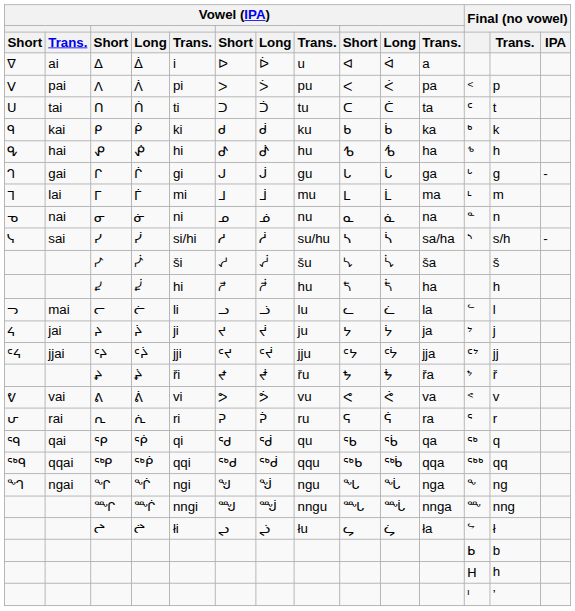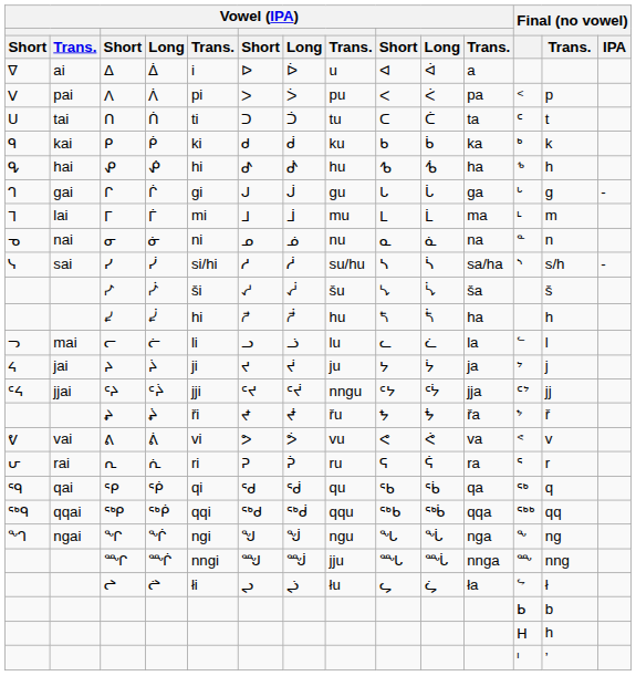 <table class="wikitable" style="display: inline-table;">
 <tr>
 <th colspan="11">Vowel (<a href='#'>IPA</a>)</th>
 <th colspan="3" rowspan="2">Final (no vowel)</th>
 </tr>
 <tr>
 <th colspan="2"></th>
 <th colspan="3"></th>
 <th colspan="3"></th>
 <th colspan="3"></th>
 </tr>
 <tr>
 <th>Short</th>
 <th><a href='#'>Trans.</a></th>
 <th>Short</th>
 <th>Long</th>
 <th>Trans.</th>
 <th>Short</th>
 <th>Long</th>
 <th>Trans.</th>
 <th>Short</th>
 <th>Long</th>
 <th>Trans.</th>
 <th> </th>
 <th>Trans.</th>
 <th>IPA</th>
 </tr>
 <tr>
 <td>ᐁ</td>
 <td>ai</td>
 <td>ᐃ</td>
 <td>ᐄ</td>
 <td>i</td>
 <td>ᐅ</td>
 <td>ᐆ</td>
 <td>u</td>
 <td>ᐊ</td>
 <td>ᐋ</td>
 <td>a</td>
 <td></td>
 <td></td>
 <td></td>
 </tr>
 <tr>
 <td>ᐯ</td>
 <td>pai</td>
 <td>ᐱ</td>
 <td>ᐲ</td>
 <td>pi</td>
 <td>ᐳ</td>
 <td>ᐴ</td>
 <td>pu</td>
 <td>ᐸ</td>
 <td>ᐹ</td>
 <td>pa</td>
 <td>ᑉ</td>
 <td>p</td>
 <td></td>
 </tr>
 <tr>
 <td>ᑌ</td>
 <td>tai</td>
 <td>ᑎ</td>
 <td>ᑏ</td>
 <td>ti</td>
 <td>ᑐ</td>
 <td>ᑑ</td>
 <td>tu</td>
 <td>ᑕ</td>
 <td>ᑖ</td>
 <td>ta</td>
 <td>ᑦ</td>
 <td>t</td>
 <td></td>
 </tr>
 <tr>
 <td>ᑫ</td>
 <td>kai</td>
 <td>ᑭ</td>
 <td>ᑮ</td>
 <td>ki</td>
 <td>ᑯ</td>
 <td>ᑰ</td>
 <td>ku</td>
 <td>ᑲ</td>
 <td>ᑳ</td>
 <td>ka</td>
 <td>ᒃ</td>
 <td>k</td>
 <td></td>
 </tr>
 <tr>
 <td>ᕴ</td>
 <td>hai</td>
 <td>ᕵ</td>
 <td>ᕶ</td>
 <td>hi</td>
 <td>ᕷ</td>
 <td>ᕸ</td>
 <td>hu</td>
 <td>ᕹ</td>
 <td>ᕺ</td>
 <td>ha</td>
 <td>ᕻ</td>
 <td>h</td>
 <td></td>
 </tr>
 <tr>
 <td>ᒉ</td>
 <td>gai</td>
 <td>ᒋ</td>
 <td>ᒌ</td>
 <td>gi</td>
 <td>ᒍ</td>
 <td>ᒎ</td>
 <td>gu</td>
 <td>ᒐ</td>
 <td>ᒑ</td>
 <td>ga</td>
 <td>ᒡ</td>
 <td>g</td>
 <td> - </td>
 </tr>
 <tr>
 <td>ᒣ</td>
 <td>lai</td>
 <td>ᒥ</td>
 <td>ᒦ</td>
 <td>mi</td>
 <td>ᒧ</td>
 <td>ᒨ</td>
 <td>mu</td>
 <td>ᒪ</td>
 <td>ᒫ</td>
 <td>ma</td>
 <td>ᒻ</td>
 <td>m</td>
 <td></td>
 </tr>
 <tr>
 <td>ᓀ</td>
 <td>nai</td>
 <td>ᓂ</td>
 <td>ᓃ</td>
 <td>ni</td>
 <td>ᓄ</td>
 <td>ᓅ</td>
 <td>nu</td>
 <td>ᓇ</td>
 <td>ᓈ</td>
 <td>na</td>
 <td>ᓐ</td>
 <td>n</td>
 <td></td>
 </tr>
 <tr>
 <td>ᓭ</td>
 <td>sai</td>
 <td>ᓯ</td>
 <td>ᓰ</td>
 <td>si/hi</td>
 <td>ᓱ</td>
 <td>ᓲ</td>
 <td>su/hu</td>
 <td>ᓴ</td>
 <td>ᓵ</td>
 <td>sa/ha</td>
 <td>ᔅ</td>
 <td>s/h</td>
 <td> - </td>
 </tr>
 <tr>
 <td> </td>
 <td> </td>
 <td>𑪶</td>
 <td>𑪷</td>
 <td>ši</td>
 <td>𑪸</td>
 <td>𑪹</td>
 <td>šu</td>
 <td>𑪺</td>
 <td>𑪻</td>
 <td>ša</td>
 <td> </td>
 <td>š</td>
 <td></td>
 </tr>
 <tr>
 <td> </td>
 <td> </td>
 <td>𑪰</td>
 <td>𑪱</td>
 <td>hi</td>
 <td>𑪲</td>
 <td>𑪳</td>
 <td>hu</td>
 <td>𑪴</td>
 <td>𑪵</td>
 <td>ha</td>
 <td> </td>
 <td>h</td>
 <td></td>
 </tr>
 <tr>
 <td>ᓓ</td>
 <td>mai</td>
 <td>ᓕ</td>
 <td>ᓖ</td>
 <td>li</td>
 <td>ᓗ</td>
 <td>ᓘ</td>
 <td>lu</td>
 <td>ᓚ</td>
 <td>ᓛ</td>
 <td>la</td>
 <td>ᓪ</td>
 <td>l</td>
 <td></td>
 </tr>
 <tr>
 <td>ᔦ</td>
 <td>jai</td>
 <td>ᔨ</td>
 <td>ᔩ</td>
 <td>ji</td>
 <td>ᔪ</td>
 <td>ᔫ</td>
 <td>ju</td>
 <td>ᔭ</td>
 <td>ᔮ</td>
 <td>ja</td>
 <td>ᔾ</td>
 <td>j</td>
 <td></td>
 </tr>
 <tr>
 <td>ᑦᔦ</td>
 <td>jjai</td>
 <td>ᑦᔨ</td>
 <td>ᑦᔩ</td>
 <td>jji</td>
 <td>ᑦᔪ</td>
 <td>ᑦᔫ</td>
-<td>jju</td>
+<td>nngu</td>
 <td>ᑦᔭ</td>
 <td>ᑦᔮ</td>
 <td>jja</td>
 <td>ᑦᔾ</td>
 <td>jj</td>
 <td></td>
 </tr>
 <tr>
 <td> </td>
 <td> </td>
 <td>ᖨ</td>
 <td>ᖩ</td>
 <td>ři</td>
 <td>ᖪ</td>
 <td>ᖫ</td>
 <td>řu</td>
 <td>ᖬ</td>
 <td>ᖭ</td>
 <td>řa</td>
 <td>ᖮ</td>
 <td>ř</td>
 <td></td>
 </tr>
 <tr>
 <td>ᕓ</td>
 <td>vai</td>
 <td>ᕕ</td>
 <td>ᕖ</td>
 <td>vi</td>
 <td>ᕗ</td>
 <td>ᕘ</td>
 <td>vu</td>
 <td>ᕙ</td>
 <td>ᕚ</td>
 <td>va</td>
 <td>ᕝ</td>
 <td>v</td>
 <td></td>
 </tr>
 <tr>
 <td>ᕂ</td>
 <td>rai</td>
 <td>ᕆ</td>
 <td>ᕇ</td>
 <td>ri</td>
 <td>ᕈ</td>
 <td>ᕉ</td>
 <td>ru</td>
 <td>ᕋ</td>
 <td>ᕌ</td>
 <td>ra</td>
 <td>ᕐ</td>
 <td>r</td>
 <td></td>
 </tr>
 <tr>
 <td>ᙯ</td>
 <td>qai</td>
 <td>ᕿ</td>
 <td>ᖀ</td>
 <td>qi</td>
 <td>ᖁ</td>
 <td>ᖂ</td>
 <td>qu</td>
 <td>ᖃ</td>
 <td>ᖄ</td>
 <td>qa</td>
 <td>ᖅ</td>
 <td>q</td>
 <td></td>
 </tr>
 <tr>
 <td>ᖅᑫ</td>
 <td>qqai</td>
 <td>ᖅᑭ</td>
 <td>ᖅᑮ</td>
 <td>qqi</td>
 <td>ᖅᑯ</td>
 <td>ᖅᑰ</td>
 <td>qqu</td>
 <td>ᖅᑲ</td>
 <td>ᖅᑳ</td>
 <td>qqa</td>
 <td>ᖅᒃ</td>
 <td>qq</td>
 <td></td>
 </tr>
 <tr>
 <td>ᙰ</td>
 <td>ngai</td>
 <td>ᖏ</td>
 <td>ᖐ</td>
 <td>ngi</td>
 <td>ᖑ</td>
 <td>ᖒ</td>
 <td>ngu</td>
 <td>ᖓ</td>
 <td>ᖔ</td>
 <td>nga</td>
 <td>ᖕ</td>
 <td>ng</td>
 <td></td>
 </tr>
 <tr>
 <td> </td>
 <td> </td>
 <td>ᙱ</td>
 <td>ᙲ</td>
 <td>nngi</td>
 <td>ᙳ</td>
 <td>ᙴ</td>
-<td>nngu</td>
+<td>jju</td>
 <td>ᙵ</td>
 <td>ᙶ</td>
 <td>nnga</td>
 <td>ᖖ</td>
 <td>nng</td>
 <td></td>
 </tr>
 <tr>
 <td> </td>
 <td> </td>
 <td>ᖠ</td>
 <td>ᖡ</td>
 <td>łi</td>
 <td>ᖢ</td>
 <td>ᖣ</td>
 <td>łu</td>
 <td>ᖤ</td>
 <td>ᖥ</td>
 <td>ła</td>
 <td>ᖦ</td>
 <td>ł</td>
 <td></td>
 </tr>
 <tr>
 <td> </td>
 <td> </td>
 <td> </td>
 <td> </td>
 <td> </td>
 <td> </td>
 <td> </td>
 <td> </td>
 <td> </td>
 <td> </td>
 <td> </td>
 <td>ᖯ</td>
 <td>b</td>
 <td></td>
 </tr>
 <tr>
 <td> </td>
 <td> </td>
 <td> </td>
 <td> </td>
 <td> </td>
 <td> </td>
 <td> </td>
 <td> </td>
 <td> </td>
 <td> </td>
 <td> </td>
 <td>ᕼ</td>
 <td>h</td>
 <td></td>
 </tr>
 <tr>
 <td> </td>
 <td> </td>
 <td> </td>
 <td> </td>
 <td> </td>
 <td> </td>
 <td> </td>
 <td> </td>
 <td> </td>
 <td> </td>
 <td> </td>
 <td>ᑊ</td>
 <td>ʼ</td>
 <td></td>
 </tr>
 </table>
